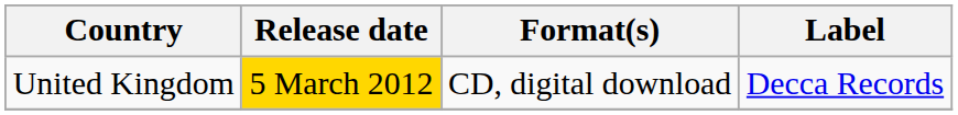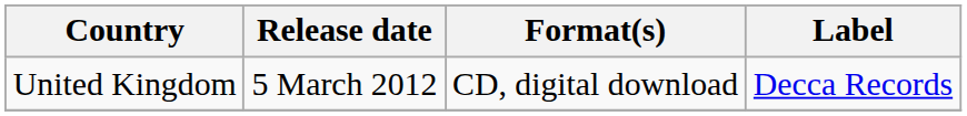 <table class="wikitable plainrowheaders">
 <tr>
 <th scope="col">Country</th>
 <th scope="col">Release date</th>
 <th scope="col">Format(s)</th>
 <th scope="col">Label</th>
 </tr>
 <tr>
 <td>United Kingdom</td>
-<td style="background: gold;">5 March 2012</td>
+<td>5 March 2012</td>
 <td>CD, digital download</td>
 <td><a href='#'>Decca Records</a></td>
 </tr>
 <tr>
 </tr>
 </table>
